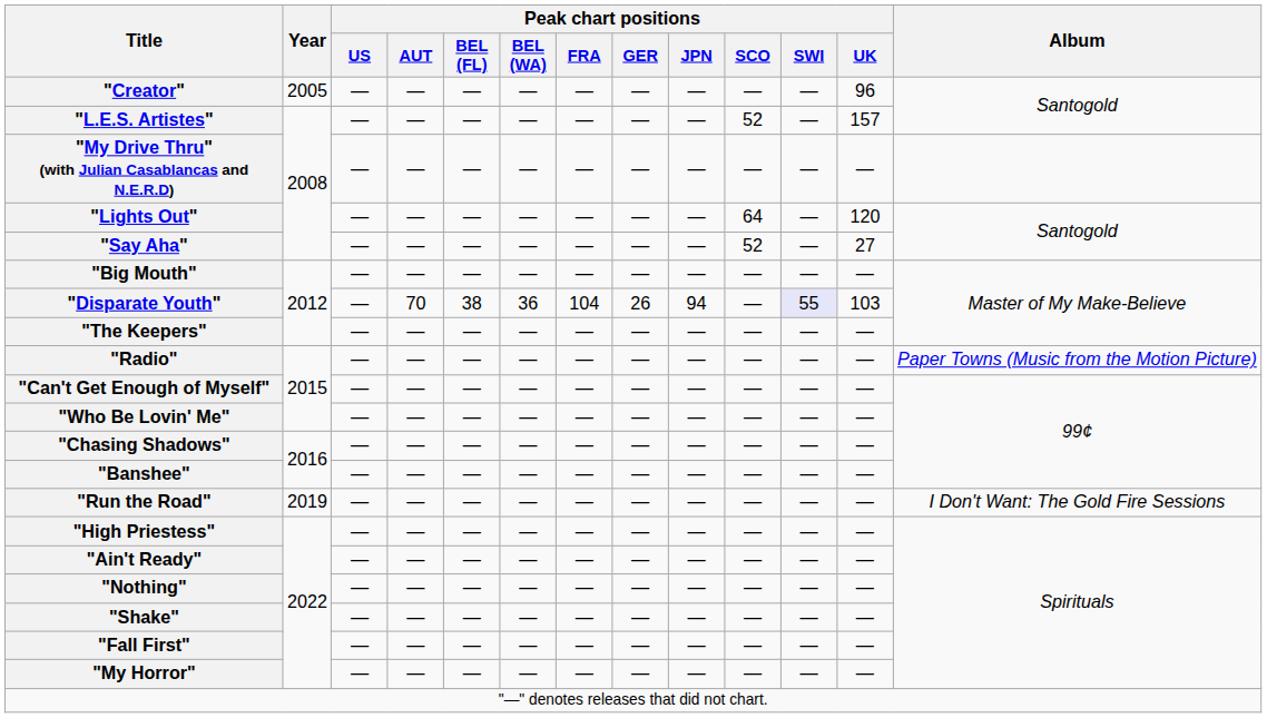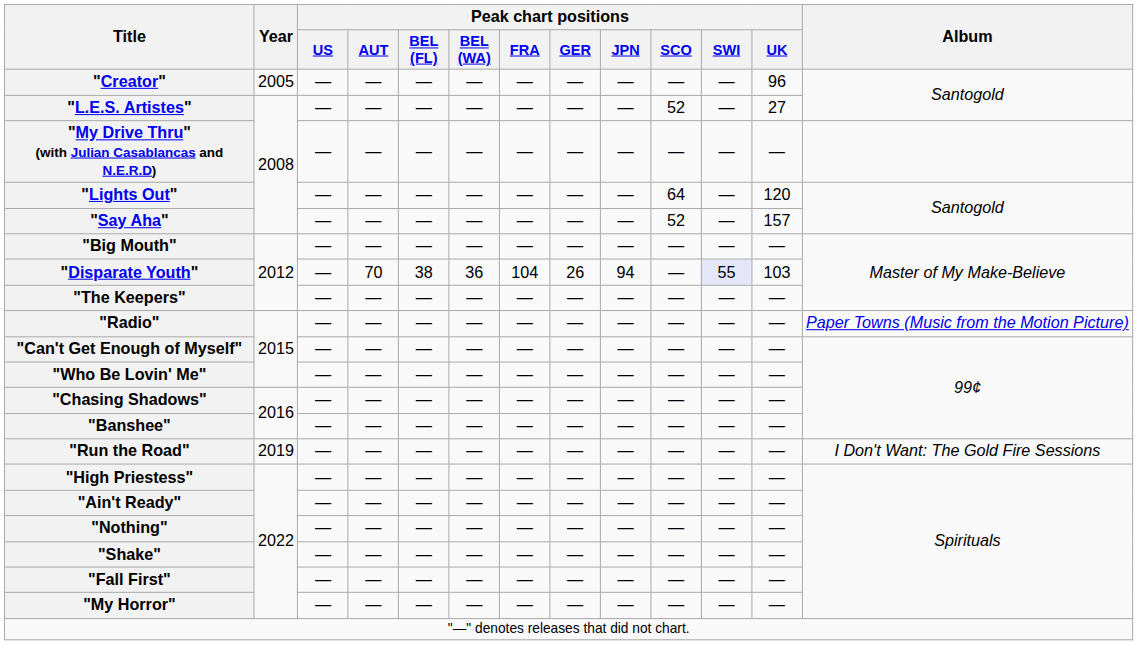 <table class="wikitable plainrowheaders" style="text-align:center;" border="1">
 <tr>
 <th scope="col" rowspan="2" style="width:15em;">Title</th>
 <th scope="col" rowspan="2" style="width:1em;">Year</th>
 <th scope="col" colspan="10">Peak chart positions</th>
 <th scope="col" rowspan="2" style="width:20em;">Album</th>
 </tr>
 <tr>
 <th style="width:3em;font-size:90%" align="center"><a href='#'>US</a><br></th>
 <th style="width:3em;font-size:90%" align="center"><a href='#'>AUT</a><br></th>
 <th style="width:3em;font-size:90%" align="center"><a href='#'>BEL (FL)</a><br></th>
 <th style="width:3em;font-size:90%" align="center"><a href='#'>BEL (WA)</a><br></th>
 <th style="width:3em;font-size:90%" align="center"><a href='#'>FRA</a><br></th>
 <th style="width:3em;font-size:90%" align="center"><a href='#'>GER</a><br></th>
 <th style="width:3em;font-size:90%" align="center"><a href='#'>JPN</a><br></th>
 <th style="width:3em;font-size:90%" align="center"><a href='#'>SCO</a><br></th>
 <th style="width:3em;font-size:90%" align="center"><a href='#'>SWI</a><br></th>
 <th style="width:3em;font-size:90%" align="center"><a href='#'>UK</a><br></th>
 </tr>
 <tr>
 <th scope="row">"<a href='#'>Creator</a>"</th>
 <td align="center">2005</td>
 <td align="center">—</td>
 <td align="center">—</td>
 <td align="center">—</td>
 <td align="center">—</td>
 <td align="center">—</td>
 <td align="center">—</td>
 <td align="center">—</td>
 <td align="center">—</td>
 <td align="center">—</td>
 <td align="center">96</td>
 <td rowspan="2"><em>Santogold</em></td>
 </tr>
 <tr>
 <th scope="row">"<a href='#'>L.E.S. Artistes</a>"</th>
 <td rowspan="4" align="center">2008</td>
 <td align="center">—</td>
 <td align="center">—</td>
 <td align="center">—</td>
 <td align="center">—</td>
 <td align="center">—</td>
 <td align="center">—</td>
 <td align="center">—</td>
 <td align="center">52</td>
 <td align="center">—</td>
-<td align="center">157</td>
+<td align="center">27</td>
 </tr>
 <tr>
 <th scope="row">"<a href='#'>My Drive Thru</a>"<br><small>(with <a href='#'>Julian Casablancas</a> and <a href='#'>N.E.R.D</a>)</small></th>
 <td align="center">—</td>
 <td align="center">—</td>
 <td align="center">—</td>
 <td align="center">—</td>
 <td align="center">—</td>
 <td align="center">—</td>
 <td align="center">—</td>
 <td align="center">—</td>
 <td align="center">—</td>
 <td align="center">—</td>
 <td></td>
 </tr>
 <tr>
 <th scope="row">"<a href='#'>Lights Out</a>"</th>
 <td align="center">—</td>
 <td align="center">—</td>
 <td align="center">—</td>
 <td align="center">—</td>
 <td align="center">—</td>
 <td align="center">—</td>
 <td align="center">—</td>
 <td align="center">64</td>
 <td align="center">—</td>
 <td align="center">120</td>
 <td rowspan="2"><em>Santogold</em></td>
 </tr>
 <tr>
 <th scope="row">"<a href='#'>Say Aha</a>"</th>
 <td align="center">—</td>
 <td align="center">—</td>
 <td align="center">—</td>
 <td align="center">—</td>
 <td align="center">—</td>
 <td align="center">—</td>
 <td align="center">—</td>
 <td align="center">52</td>
 <td align="center">—</td>
-<td align="center">27</td>
+<td align="center">157</td>
 </tr>
 <tr>
 <th scope="row">"Big Mouth"</th>
 <td align="center" rowspan="3">2012</td>
 <td align="center">—</td>
 <td align="center">—</td>
 <td align="center">—</td>
 <td align="center">—</td>
 <td align="center">—</td>
 <td align="center">—</td>
 <td align="center">—</td>
 <td align="center">—</td>
 <td align="center">—</td>
 <td align="center">—</td>
 <td rowspan="3"><em>Master of My Make-Believe</em></td>
 </tr>
 <tr>
 <th scope="row">"<a href='#'>Disparate Youth</a>"</th>
 <td align="center">—</td>
 <td align="center">70</td>
 <td align="center">38</td>
 <td align="center">36</td>
 <td align="center">104</td>
 <td align="center">26</td>
 <td align="center">94</td>
 <td align="center">—</td>
 <td align="center" style="background: lavender;">55</td>
 <td align="center">103</td>
 </tr>
 <tr>
 <th scope="row">"The Keepers"</th>
 <td align="center">—</td>
 <td align="center">—</td>
 <td align="center">—</td>
 <td align="center">—</td>
 <td align="center">—</td>
 <td align="center">—</td>
 <td align="center">—</td>
 <td align="center">—</td>
 <td align="center">—</td>
 <td align="center">—</td>
 </tr>
 <tr>
 <th scope="row">"Radio"</th>
 <td rowspan="3">2015</td>
 <td align="center">—</td>
 <td align="center">—</td>
 <td align="center">—</td>
 <td align="center">—</td>
 <td align="center">—</td>
 <td align="center">—</td>
 <td align="center">—</td>
 <td align="center">—</td>
 <td align="center">—</td>
 <td align="center">—</td>
 <td><em><a href='#'>Paper Towns (Music from the Motion Picture)</a></em></td>
 </tr>
 <tr>
 <th scope="row">"Can't Get Enough of Myself"</th>
 <td align="center">—</td>
 <td align="center">—</td>
 <td align="center">—</td>
 <td align="center">—</td>
 <td align="center">—</td>
 <td align="center">—</td>
 <td align="center">—</td>
 <td align="center">—</td>
 <td align="center">—</td>
 <td align="center">—</td>
 <td rowspan="4"><em>99¢</em></td>
 </tr>
 <tr>
 <th scope="row">"Who Be Lovin' Me"<br></th>
 <td align="center">—</td>
 <td align="center">—</td>
 <td align="center">—</td>
 <td align="center">—</td>
 <td align="center">—</td>
 <td align="center">—</td>
 <td align="center">—</td>
 <td align="center">—</td>
 <td align="center">—</td>
 <td align="center">—</td>
 </tr>
 <tr>
 <th scope="row">"Chasing Shadows"</th>
 <td align="center" rowspan="2">2016</td>
 <td align="center">—</td>
 <td align="center">—</td>
 <td align="center">—</td>
 <td align="center">—</td>
 <td align="center">—</td>
 <td align="center">—</td>
 <td align="center">—</td>
 <td align="center">—</td>
 <td align="center">—</td>
 <td align="center">—</td>
 </tr>
 <tr>
 <th scope="row">"Banshee"</th>
 <td align="center">—</td>
 <td align="center">—</td>
 <td align="center">—</td>
 <td align="center">—</td>
 <td align="center">—</td>
 <td align="center">—</td>
 <td align="center">—</td>
 <td align="center">—</td>
 <td align="center">—</td>
 <td align="center">—</td>
 </tr>
 <tr>
 <th scope="row">"Run the Road"</th>
 <td>2019</td>
 <td align="center">—</td>
 <td align="center">—</td>
 <td align="center">—</td>
 <td align="center">—</td>
 <td align="center">—</td>
 <td align="center">—</td>
 <td align="center">—</td>
 <td align="center">—</td>
 <td align="center">—</td>
 <td align="center">—</td>
 <td><em>I Don't Want: The Gold Fire Sessions</em></td>
 </tr>
 <tr>
 <th scope="row">"High Priestess"</th>
 <td rowspan="6">2022</td>
 <td align="center">—</td>
 <td align="center">—</td>
 <td align="center">—</td>
 <td align="center">—</td>
 <td align="center">—</td>
 <td align="center">—</td>
 <td align="center">—</td>
 <td align="center">—</td>
 <td align="center">—</td>
 <td align="center">—</td>
 <td rowspan="6"><em>Spirituals</em></td>
 </tr>
 <tr>
 <th scope="row">"Ain't Ready"</th>
 <td align="center">—</td>
 <td align="center">—</td>
 <td align="center">—</td>
 <td align="center">—</td>
 <td align="center">—</td>
 <td align="center">—</td>
 <td align="center">—</td>
 <td align="center">—</td>
 <td align="center">—</td>
 <td align="center">—</td>
 </tr>
 <tr>
 <th scope="row">"Nothing"</th>
 <td align="center">—</td>
 <td align="center">—</td>
 <td align="center">—</td>
 <td align="center">—</td>
 <td align="center">—</td>
 <td align="center">—</td>
 <td align="center">—</td>
 <td align="center">—</td>
 <td align="center">—</td>
 <td align="center">—</td>
 </tr>
 <tr>
 <th scope="row">"Shake"</th>
 <td align="center">—</td>
 <td align="center">—</td>
 <td align="center">—</td>
 <td align="center">—</td>
 <td align="center">—</td>
 <td align="center">—</td>
 <td align="center">—</td>
 <td align="center">—</td>
 <td align="center">—</td>
 <td align="center">—</td>
 </tr>
 <tr>
 <th scope="row">"Fall First"</th>
 <td align="center">—</td>
 <td align="center">—</td>
 <td align="center">—</td>
 <td align="center">—</td>
 <td align="center">—</td>
 <td align="center">—</td>
 <td align="center">—</td>
 <td align="center">—</td>
 <td align="center">—</td>
 <td align="center">—</td>
 </tr>
 <tr>
 <th scope="row">"My Horror"</th>
 <td align="center">—</td>
 <td align="center">—</td>
 <td align="center">—</td>
 <td align="center">—</td>
 <td align="center">—</td>
 <td align="center">—</td>
 <td align="center">—</td>
 <td align="center">—</td>
 <td align="center">—</td>
 <td align="center">—</td>
 </tr>
 <tr>
 <td align="center" colspan="16" style="font-size: 85%">"—" denotes releases that did not chart.</td>
 </tr>
 </table>
